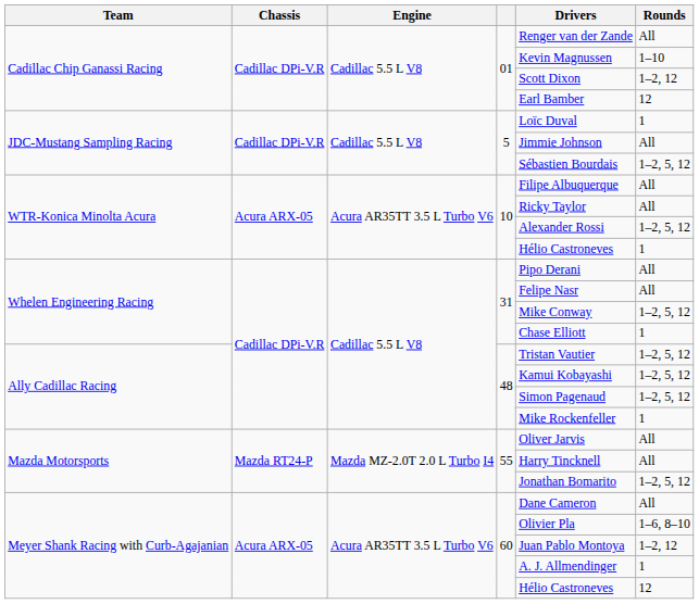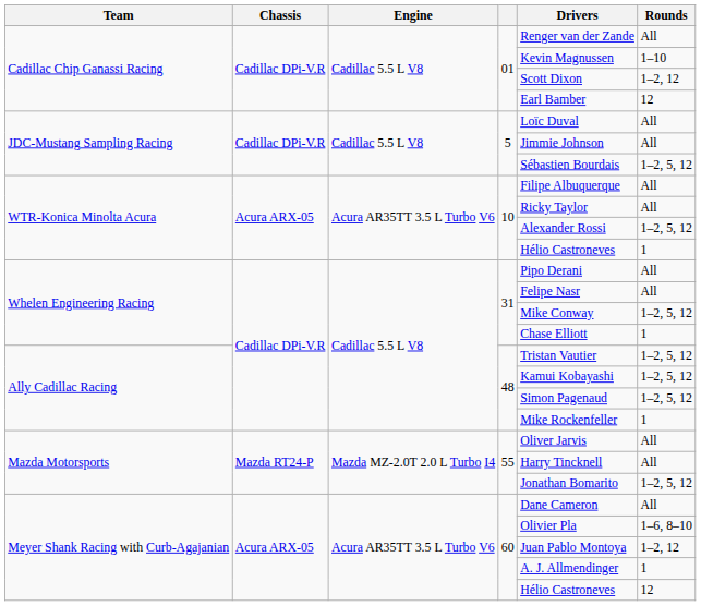 <table class="wikitable" style="font-size: 85%">
 <tr>
 <th>Team</th>
 <th>Chassis</th>
 <th>Engine</th>
 <th></th>
 <th>Drivers</th>
 <th>Rounds</th>
 </tr>
 <tr>
 <td rowspan="4"> <a href='#'>Cadillac Chip Ganassi Racing</a></td>
 <td rowspan=4><a href='#'>Cadillac DPi-V.R</a></td>
 <td rowspan=4><a href='#'>Cadillac</a> 5.5 L <a href='#'>V8</a></td>
 <td align="center" rowspan=4>01</td>
 <td> <a href='#'>Renger van der Zande</a></td>
 <td>All</td>
 </tr>
 <tr>
 <td> <a href='#'>Kevin Magnussen</a></td>
 <td>1–10</td>
 </tr>
 <tr>
 <td> <a href='#'>Scott Dixon</a></td>
 <td>1–2, 12</td>
 </tr>
 <tr>
 <td> <a href='#'>Earl Bamber</a></td>
 <td>12</td>
 </tr>
 <tr>
 <td rowspan="3"> <a href='#'>JDC-Mustang Sampling Racing</a></td>
 <td rowspan="3"><a href='#'>Cadillac DPi-V.R</a></td>
 <td rowspan="3"><a href='#'>Cadillac</a> 5.5 L <a href='#'>V8</a></td>
 <td align="center" rowspan="3">5</td>
 <td> <a href='#'>Loïc Duval</a></td>
-<td>1</td>
+<td>All</td>
 </tr>
 <tr>
 <td> <a href='#'>Jimmie Johnson</a></td>
 <td>All</td>
 </tr>
 <tr>
 <td> <a href='#'>Sébastien Bourdais</a></td>
 <td>1–2, 5, 12</td>
 </tr>
 <tr>
 <td rowspan=4> <a href='#'>WTR-Konica Minolta Acura</a></td>
 <td rowspan=4><a href='#'>Acura ARX-05</a></td>
 <td rowspan=4><a href='#'>Acura</a> AR35TT 3.5 L <a href='#'>Turbo</a> <a href='#'>V6</a></td>
 <td align="center" rowspan=4>10</td>
 <td> <a href='#'>Filipe Albuquerque</a></td>
 <td>All</td>
 </tr>
 <tr>
 <td> <a href='#'>Ricky Taylor</a></td>
 <td>All</td>
 </tr>
 <tr>
 <td> <a href='#'>Alexander Rossi</a></td>
 <td>1–2, 5, 12</td>
 </tr>
 <tr>
 <td> <a href='#'>Hélio Castroneves</a></td>
 <td>1</td>
 </tr>
 <tr>
 <td rowspan="4"> <a href='#'>Whelen Engineering Racing</a></td>
 <td rowspan=8><a href='#'>Cadillac DPi-V.R</a></td>
 <td rowspan=8><a href='#'>Cadillac</a> 5.5 L <a href='#'>V8</a></td>
 <td align="center" rowspan=4>31</td>
 <td> <a href='#'>Pipo Derani</a></td>
 <td>All</td>
 </tr>
 <tr>
 <td> <a href='#'>Felipe Nasr</a></td>
 <td>All</td>
 </tr>
 <tr>
 <td> <a href='#'>Mike Conway</a></td>
 <td>1–2, 5, 12</td>
 </tr>
 <tr>
 <td> <a href='#'>Chase Elliott</a></td>
 <td>1</td>
 </tr>
 <tr>
 <td rowspan="4"> <a href='#'>Ally Cadillac Racing</a></td>
 <td align="center" rowspan="4">48</td>
 <td> <a href='#'>Tristan Vautier</a></td>
 <td>1–2, 5, 12</td>
 </tr>
 <tr>
 <td> <a href='#'>Kamui Kobayashi</a></td>
 <td>1–2, 5, 12</td>
 </tr>
 <tr>
 <td> <a href='#'>Simon Pagenaud</a></td>
 <td>1–2, 5, 12</td>
 </tr>
 <tr>
 <td> <a href='#'>Mike Rockenfeller</a></td>
 <td>1</td>
 </tr>
 <tr>
 <td rowspan="3"> <a href='#'>Mazda Motorsports</a></td>
 <td rowspan="3"><a href='#'>Mazda RT24-P</a></td>
 <td rowspan="3"><a href='#'>Mazda</a> MZ-2.0T 2.0 L <a href='#'>Turbo</a> <a href='#'>I4</a></td>
 <td rowspan="3" align="center">55</td>
 <td> <a href='#'>Oliver Jarvis</a></td>
 <td>All</td>
 </tr>
 <tr>
 <td> <a href='#'>Harry Tincknell</a></td>
 <td>All</td>
 </tr>
 <tr>
 <td> <a href='#'>Jonathan Bomarito</a></td>
 <td>1–2, 5, 12</td>
 </tr>
 <tr>
 <td rowspan="5"> <a href='#'>Meyer Shank Racing</a> with <a href='#'>Curb-Agajanian</a></td>
 <td rowspan="5"><a href='#'>Acura ARX-05</a></td>
 <td rowspan="5"><a href='#'>Acura</a> AR35TT 3.5 L <a href='#'>Turbo</a> <a href='#'>V6</a></td>
 <td rowspan="5" align="center">60</td>
 <td> <a href='#'>Dane Cameron</a></td>
 <td>All</td>
 </tr>
 <tr>
 <td> <a href='#'>Olivier Pla</a></td>
 <td>1–6, 8–10</td>
 </tr>
 <tr>
 <td> <a href='#'>Juan Pablo Montoya</a></td>
 <td>1–2, 12</td>
 </tr>
 <tr>
 <td> <a href='#'>A. J. Allmendinger</a></td>
 <td>1</td>
 </tr>
 <tr>
 <td> <a href='#'>Hélio Castroneves</a></td>
 <td>12</td>
 </tr>
 </table>
